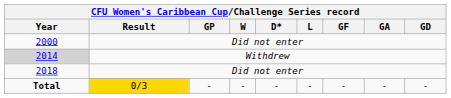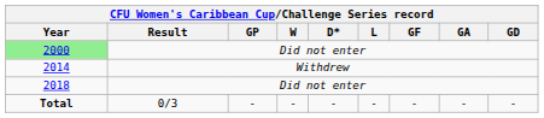 <table class="wikitable" style="text-align: center; width:50%;">
 <tr>
 <th colspan=10><a href='#'>CFU Women's Caribbean Cup</a>/Challenge Series record</th>
 </tr>
 <tr>
 <th>Year</th>
 <th>Result</th>
 <th>GP</th>
 <th>W</th>
 <th>D*</th>
 <th>L</th>
 <th>GF</th>
 <th>GA</th>
 <th>GD</th>
 </tr>
 <tr>
-<td> <a href='#'>2000</a></td>
+<td style="background: lightgreen;"> <a href='#'>2000</a></td>
 <td colspan=8><em>Did not enter</em></td>
 </tr>
 <tr>
-<td style="background: lightgrey;"> <a href='#'>2014</a></td>
+<td> <a href='#'>2014</a></td>
 <td colspan=8><em>Withdrew</em></td>
 </tr>
 <tr>
 <td><a href='#'>2018</a></td>
 <td colspan=8><em>Did not enter</em></td>
 </tr>
 <tr>
 <td><strong>Total</strong></td>
-<td style="background: gold;">0/3</td>
+<td>0/3</td>
 <td>-</td>
 <td>-</td>
 <td>-</td>
 <td>-</td>
 <td>-</td>
 <td>-</td>
 <td>-</td>
 </tr>
 </table>
